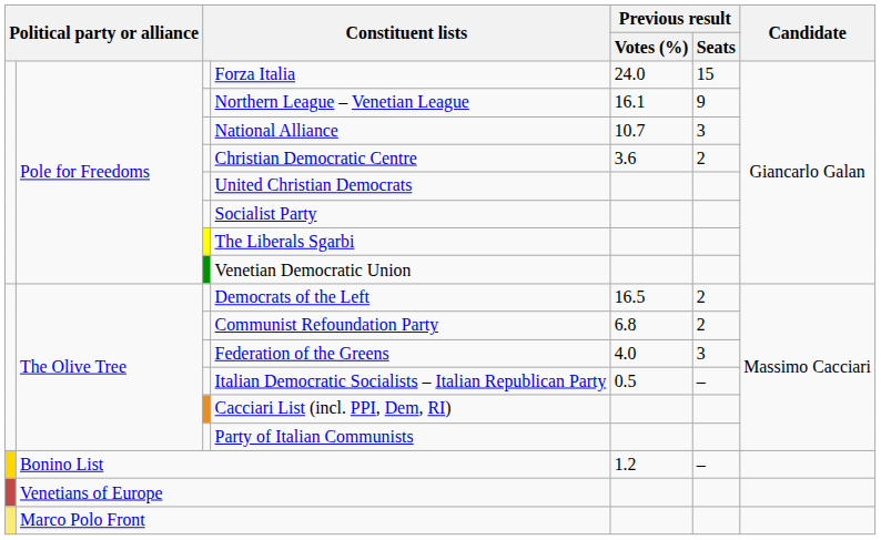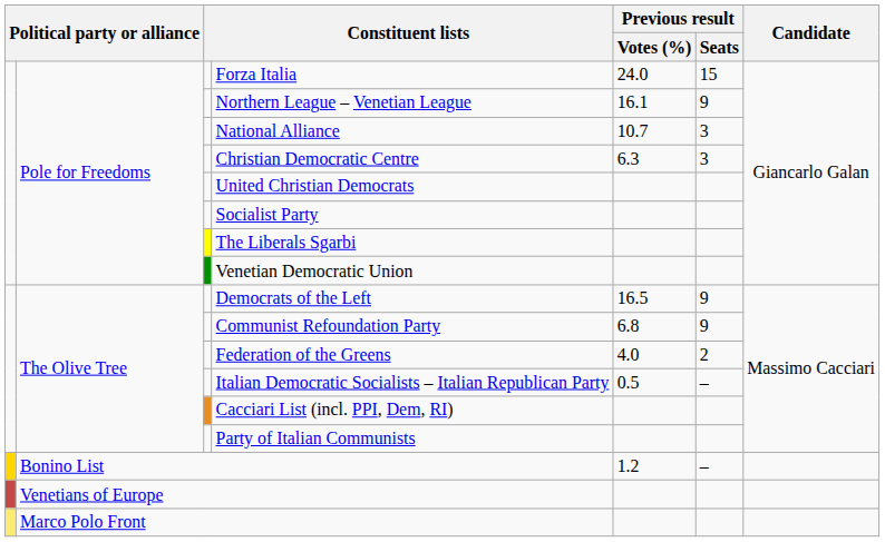 <table class="wikitable" style="text-align:left">
 <tr>
 <th colspan=2 rowspan="2">Political party or alliance</th>
 <th colspan=2 rowspan="2">Constituent lists</th>
 <th colspan="2">Previous result</th>
 <th rowspan="2">Candidate</th>
 </tr>
 <tr>
 <th>Votes (%)</th>
 <th>Seats</th>
 </tr>
 <tr>
 <td rowspan="8" style="background:"></td>
 <td rowspan=8><a href='#'>Pole for Freedoms</a></td>
 <td></td>
 <td style="text-align:left;"><a href='#'>Forza Italia</a></td>
 <td>24.0</td>
 <td>15</td>
 <td rowspan="8" style="text-align: center;">Giancarlo Galan</td>
 </tr>
 <tr>
 <td></td>
 <td style="text-align:left;"><a href='#'>Northern League</a> – <a href='#'>Venetian League</a></td>
 <td>16.1</td>
 <td>9</td>
 </tr>
 <tr>
 <td></td>
 <td style="text-align:left;"><a href='#'>National Alliance</a></td>
 <td>10.7</td>
 <td>3</td>
 </tr>
 <tr>
 <td></td>
 <td style="text-align:left;"><a href='#'>Christian Democratic Centre</a></td>
-<td>3.6</td>
-<td>2</td>
+<td>6.3</td>
+<td>3</td>
 </tr>
 <tr>
 <td></td>
 <td style="text-align:left;"><a href='#'>United Christian Democrats</a></td>
 <td></td>
 <td></td>
 </tr>
 <tr>
 <td></td>
 <td style="text-align:left;"><a href='#'>Socialist Party</a></td>
 <td></td>
 <td></td>
 </tr>
 <tr>
 <td bgcolor="yellow"></td>
 <td style="text-align:left;"><a href='#'>The Liberals Sgarbi</a></td>
 <td></td>
 <td></td>
 </tr>
 <tr>
 <td bgcolor="#009000"></td>
 <td style="text-align:left;">Venetian Democratic Union</td>
 <td></td>
 <td></td>
 </tr>
 <tr>
 <td rowspan="6"></td>
 <td rowspan="6"><a href='#'>The Olive Tree</a></td>
 <td></td>
 <td><a href='#'>Democrats of the Left</a></td>
 <td>16.5</td>
-<td>2</td>
+<td>9</td>
 <td rowspan="6" style="text-align: center;">Massimo Cacciari</td>
 </tr>
 <tr>
 <td></td>
 <td><a href='#'>Communist Refoundation Party</a></td>
 <td>6.8</td>
-<td>2</td>
+<td>9</td>
 </tr>
 <tr>
 <td></td>
 <td><a href='#'>Federation of the Greens</a></td>
 <td>4.0</td>
-<td>3</td>
+<td>2</td>
 </tr>
 <tr>
 <td></td>
 <td style="text-align:left;"><a href='#'>Italian Democratic Socialists</a> – <a href='#'>Italian Republican Party</a></td>
 <td>0.5</td>
 <td>–</td>
 </tr>
 <tr>
 <td bgcolor="#E88E23"></td>
 <td style="text-align:left;"><a href='#'>Cacciari List</a> (incl. <a href='#'>PPI</a>, <a href='#'>Dem</a>, <a href='#'>RI</a>)</td>
 <td></td>
 <td></td>
 </tr>
 <tr>
 <td></td>
 <td style="text-align:left;"><a href='#'>Party of Italian Communists</a></td>
 <td></td>
 <td></td>
 </tr>
 <tr>
 <td bgcolor="gold"></td>
 <td colspan="3"><a href='#'>Bonino List</a></td>
 <td>1.2</td>
 <td>–</td>
 <td></td>
 </tr>
 <tr>
 <td bgcolor="#C34848"></td>
 <td colspan="3"><a href='#'>Venetians of Europe</a></td>
 <td></td>
 <td></td>
 <td></td>
 </tr>
 <tr>
 <td bgcolor="#FCEB72"></td>
 <td colspan="3"><a href='#'>Marco Polo Front</a></td>
 <td></td>
 <td></td>
 <td></td>
 </tr>
 </table>
